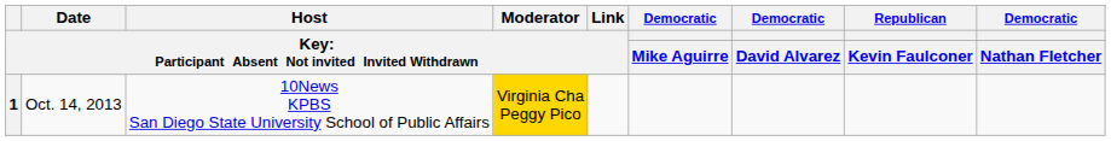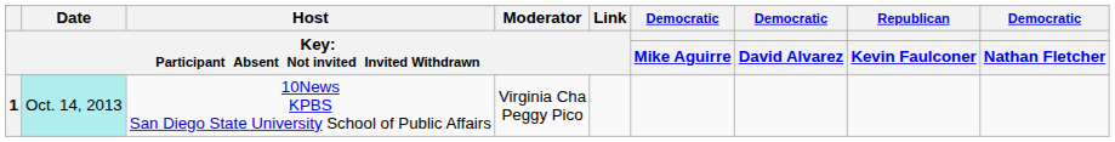 <table class="wikitable" style="text-align:center;">
 <tr>
 <th scope="col"></th>
 <th scope="col">Date</th>
 <th scope="col">Host</th>
 <th scope="col">Moderator</th>
 <th scope="col">Link</th>
 <th scope="col"><small><a href='#'>Democratic</a></small></th>
 <th scope="col"><small><a href='#'>Democratic</a></small></th>
 <th scope="col"><small><a href='#'>Republican</a></small></th>
 <th scope="col"><small><a href='#'>Democratic</a></small></th>
 </tr>
 <tr>
 <th colspan="5" rowspan="2">Key:<br> <small>Participant </small>  <small>Absent </small>  <small>Not invited </small>  <small>Invited  Withdrawn</small></th>
 <th scope="col" style="background:"></th>
 <th scope="col" style="background:"></th>
 <th scope="col" style="background:"></th>
 <th scope="col" style="background:"></th>
 </tr>
 <tr>
 <th scope="col"><a href='#'>Mike Aguirre</a></th>
 <th scope="col"><a href='#'>David Alvarez</a></th>
 <th scope="col"><a href='#'>Kevin Faulconer</a></th>
 <th scope="col"><a href='#'>Nathan Fletcher</a></th>
 </tr>
 <tr>
 <th>1</th>
-<td style="white-space:nowrap;">Oct. 14, 2013</td>
+<td style="background: paleturquoise; white-space:nowrap;">Oct. 14, 2013</td>
 <td style="white-space:nowrap;"><a href='#'>10News</a><br><a href='#'>KPBS</a><br><a href='#'>San Diego State University</a> School of Public Affairs</td>
-<td style="background: gold; white-space:nowrap;">Virginia Cha<br>Peggy Pico</td>
+<td style="white-space:nowrap;">Virginia Cha<br>Peggy Pico</td>
 <td style="white-space:nowrap;"></td>
 <td></td>
 <td></td>
 <td></td>
 <td></td>
 </tr>
 </table>
